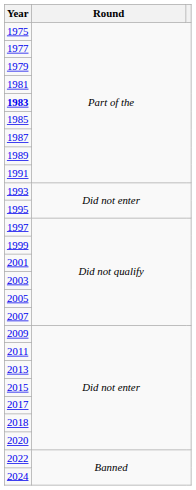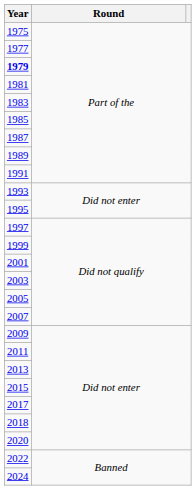 <table class="wikitable" style="text-align: center; font-size:90%">
 <tr>
 <th>Year</th>
 <th style="width:200px">Round</th>
 <th></th>
 </tr>
 <tr>
 <td><a href='#'>1975</a></td>
 <td colspan="2" rowspan="9"><em>Part of the </em></td>
 </tr>
 <tr>
 <td><a href='#'>1977</a></td>
 </tr>
 <tr>
-<td><a href='#'>1979</a></td>
+<td><strong><a href='#'>1979</a></strong></td>
 </tr>
 <tr>
 <td><a href='#'>1981</a></td>
 </tr>
 <tr>
-<td><strong><a href='#'>1983</a></strong></td>
+<td><a href='#'>1983</a></td>
 </tr>
 <tr>
 <td><a href='#'>1985</a></td>
 </tr>
 <tr>
 <td><a href='#'>1987</a></td>
 </tr>
 <tr>
 <td><a href='#'>1989</a></td>
 </tr>
 <tr>
 <td><a href='#'>1991</a></td>
 </tr>
 <tr>
 <td><a href='#'>1993</a></td>
 <td colspan="2" rowspan="2"><em>Did not enter</em></td>
 </tr>
 <tr>
 <td><a href='#'>1995</a></td>
 </tr>
 <tr>
 <td><a href='#'>1997</a></td>
 <td colspan="2" rowspan="6"><em>Did not qualify</em></td>
 </tr>
 <tr>
 <td><a href='#'>1999</a></td>
 </tr>
 <tr>
 <td><a href='#'>2001</a></td>
 </tr>
 <tr>
 <td><a href='#'>2003</a></td>
 </tr>
 <tr>
 <td><a href='#'>2005</a></td>
 </tr>
 <tr>
 <td><a href='#'>2007</a></td>
 </tr>
 <tr>
 <td><a href='#'>2009</a></td>
 <td colspan="2" rowspan="7"><em>Did not enter</em></td>
 </tr>
 <tr>
 <td><a href='#'>2011</a></td>
 </tr>
 <tr>
 <td><a href='#'>2013</a></td>
 </tr>
 <tr>
 <td><a href='#'>2015</a></td>
 </tr>
 <tr>
 <td><a href='#'>2017</a></td>
 </tr>
 <tr>
 <td><a href='#'>2018</a></td>
 </tr>
 <tr>
 <td><a href='#'>2020</a></td>
 </tr>
 <tr>
 <td><a href='#'>2022</a></td>
 <td colspan="2" rowspan="2"><em>Banned</em></td>
 </tr>
 <tr>
 <td><a href='#'>2024</a></td>
 </tr>
 </table>
